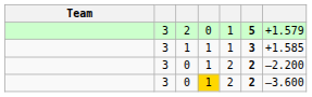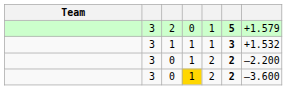 <table class="wikitable" style="text-align:center;">
 <tr>
 <th width=175>Team</th>
 <th style="width:20px;"></th>
 <th style="width:20px;"></th>
 <th style="width:20px;"></th>
 <th style="width:20px;"></th>
 <th style="width:20px;"></th>
 <th style="width:20px;"></th>
 </tr>
 <tr style="background:#cfc">
 <td align=left></td>
 <td>3</td>
 <td>2</td>
 <td>0</td>
 <td>1</td>
 <td><strong>5</strong></td>
 <td>+1.579</td>
 </tr>
 <tr>
 <td align=left></td>
 <td>3</td>
 <td>1</td>
 <td>1</td>
 <td>1</td>
 <td><strong>3</strong></td>
-<td>+1.585</td>
+<td>+1.532</td>
 </tr>
 <tr>
 <td align=left></td>
 <td>3</td>
 <td>0</td>
 <td>1</td>
 <td>2</td>
 <td><strong>2</strong></td>
 <td>–2.200</td>
 </tr>
 <tr>
 <td align=left></td>
 <td>3</td>
 <td>0</td>
 <td style="background: gold;">1</td>
 <td>2</td>
 <td><strong>2</strong></td>
 <td>–3.600</td>
 </tr>
 </table>
